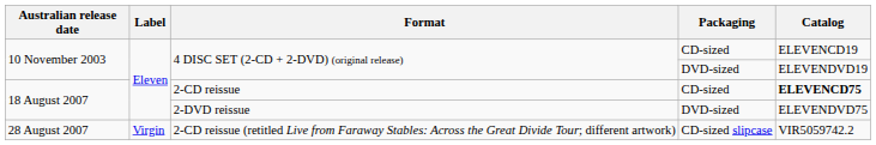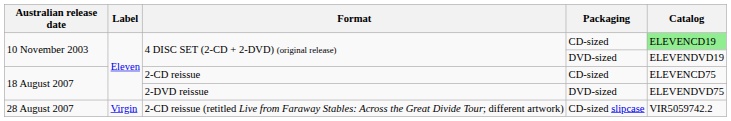 <table class="wikitable">
 <tr>
 <th width=150>Australian release date</th>
 <th>Label</th>
 <th>Format</th>
 <th>Packaging</th>
 <th>Catalog</th>
 </tr>
 <tr>
 <td rowspan="2">10 November 2003</td>
 <td rowspan="4"><a href='#'>Eleven</a></td>
 <td rowspan="2">4 DISC SET (2-CD + 2-DVD) <small>(original release)</small></td>
 <td>CD-sized</td>
-<td>ELEVENCD19</td>
+<td style="background: lightgreen;">ELEVENCD19</td>
 </tr>
 <tr>
 <td>DVD-sized</td>
 <td>ELEVENDVD19</td>
 </tr>
 <tr>
 <td rowspan="2">18 August 2007</td>
 <td>2-CD reissue</td>
 <td>CD-sized</td>
-<td><strong>ELEVENCD75</strong></td>
+<td>ELEVENCD75</td>
 </tr>
 <tr>
 <td>2-DVD reissue</td>
 <td>DVD-sized</td>
 <td>ELEVENDVD75</td>
 </tr>
 <tr>
 <td>28 August 2007</td>
 <td><a href='#'>Virgin</a></td>
 <td>2-CD reissue (retitled <em>Live from Faraway Stables: Across the Great Divide Tour</em>; different artwork)</td>
 <td>CD-sized <a href='#'>slipcase</a></td>
 <td>VIR5059742.2</td>
 </tr>
 </table>
